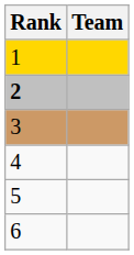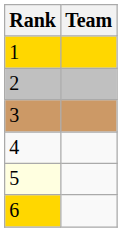 <table class="wikitable">
 <tr>
 <th>Rank</th>
 <th>Team</th>
 </tr>
 <tr style="background:gold;">
 <td>1</td>
 <td></td>
 </tr>
 <tr style="background:silver;">
-<td><strong>2</strong></td>
+<td>2</td>
 <td></td>
 </tr>
 <tr style="background:#c96;">
 <td>3</td>
 <td></td>
 </tr>
 <tr>
 <td>4</td>
 <td></td>
 </tr>
 <tr>
-<td>5</td>
+<td style="background: lightyellow;">5</td>
 <td></td>
 </tr>
 <tr>
-<td>6</td>
+<td style="background: gold;">6</td>
 <td></td>
 </tr>
 </table>
